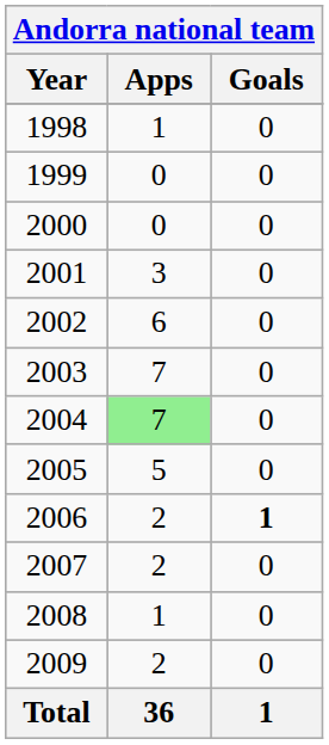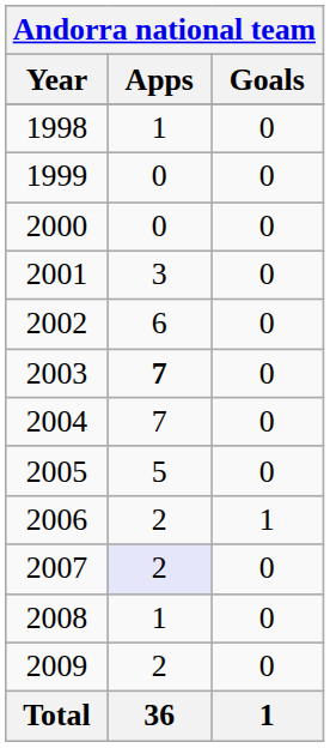 <table class="wikitable" style="text-align:center">
 <tr>
 <th colspan=3><a href='#'>Andorra national team</a></th>
 </tr>
 <tr>
 <th>Year</th>
 <th>Apps</th>
 <th>Goals</th>
 </tr>
 <tr>
 </tr>
 <tr>
 <td>1998</td>
 <td>1</td>
 <td>0</td>
 </tr>
 <tr>
 <td>1999</td>
 <td>0</td>
 <td>0</td>
 </tr>
 <tr>
 <td>2000</td>
 <td>0</td>
 <td>0</td>
 </tr>
 <tr>
 <td>2001</td>
 <td>3</td>
 <td>0</td>
 </tr>
 <tr>
 <td>2002</td>
 <td>6</td>
 <td>0</td>
 </tr>
 <tr>
 <td>2003</td>
-<td>7</td>
+<td><strong>7</strong></td>
 <td>0</td>
 </tr>
 <tr>
 <td>2004</td>
-<td style="background: lightgreen;">7</td>
+<td>7</td>
 <td>0</td>
 </tr>
 <tr>
 <td>2005</td>
 <td>5</td>
 <td>0</td>
 </tr>
 <tr>
 <td>2006</td>
 <td>2</td>
-<td><strong>1</strong></td>
+<td>1</td>
 </tr>
 <tr>
 <td>2007</td>
-<td>2</td>
+<td style="background: lavender;">2</td>
 <td>0</td>
 </tr>
 <tr>
 <td>2008</td>
 <td>1</td>
 <td>0</td>
 </tr>
 <tr>
 <td>2009</td>
 <td>2</td>
 <td>0</td>
 </tr>
 <tr>
 <th>Total</th>
 <th>36</th>
 <th>1</th>
 </tr>
 </table>
